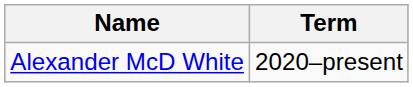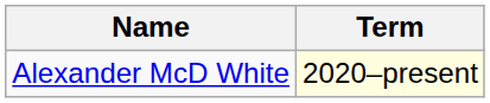 <table class="wikitable">
 <tr>
 <th>Name</th>
 <th>Term</th>
 </tr>
 <tr>
 <td><a href='#'>Alexander McD White</a></td>
-<td>2020–present</td>
+<td style="background: lightyellow;">2020–present</td>
 </tr>
 </table>
